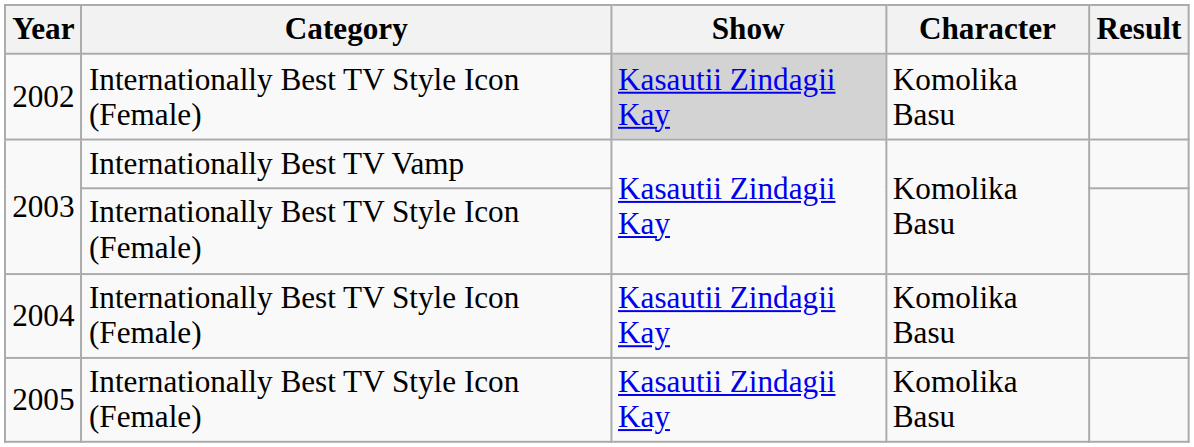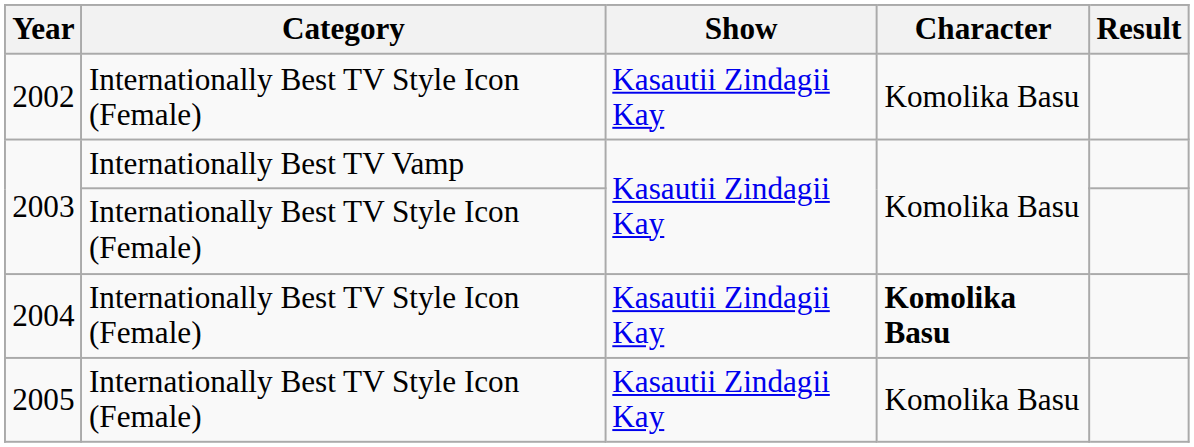 <table class="wikitable sortable">
 <tr>
 <th>Year</th>
 <th>Category</th>
 <th>Show</th>
 <th>Character</th>
 <th>Result</th>
 </tr>
 <tr>
 <td>2002</td>
 <td>Internationally Best TV Style Icon (Female)</td>
-<td style="background: lightgrey;"><a href='#'>Kasautii Zindagii Kay</a></td>
+<td><a href='#'>Kasautii Zindagii Kay</a></td>
 <td>Komolika Basu</td>
 <td></td>
 </tr>
 <tr>
 <td rowspan="2">2003</td>
 <td>Internationally Best TV Vamp</td>
 <td rowspan="2"><a href='#'>Kasautii Zindagii Kay</a></td>
 <td rowspan="2">Komolika Basu</td>
 <td></td>
 </tr>
 <tr>
 <td>Internationally Best TV Style Icon (Female)</td>
 <td></td>
 </tr>
 <tr>
 <td>2004</td>
 <td>Internationally Best TV Style Icon (Female)</td>
 <td><a href='#'>Kasautii Zindagii Kay</a></td>
-<td>Komolika Basu</td>
+<td><strong>Komolika Basu</strong></td>
 <td></td>
 </tr>
 <tr>
 <td>2005</td>
 <td>Internationally Best TV Style Icon (Female)</td>
 <td><a href='#'>Kasautii Zindagii Kay</a></td>
 <td>Komolika Basu</td>
 <td></td>
 </tr>
 </table>
